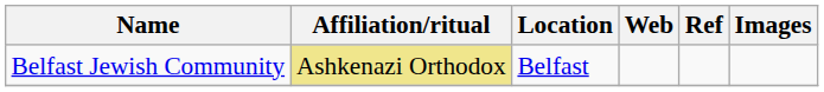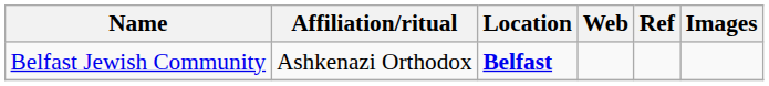 <table class="wikitable sortable">
 <tr>
 <th>Name</th>
 <th>Affiliation/ritual</th>
 <th>Location</th>
 <th>Web</th>
 <th>Ref</th>
 <th>Images</th>
 </tr>
 <tr>
 <td><a href='#'>Belfast Jewish Community</a></td>
-<td style="background: khaki;">Ashkenazi Orthodox</td>
-<td><a href='#'>Belfast</a></td>
+<td>Ashkenazi Orthodox</td>
+<td><strong><a href='#'>Belfast</a></strong></td>
 <td></td>
 <td></td>
 <td></td>
 </tr>
 <tr>
 </tr>
 </table>
